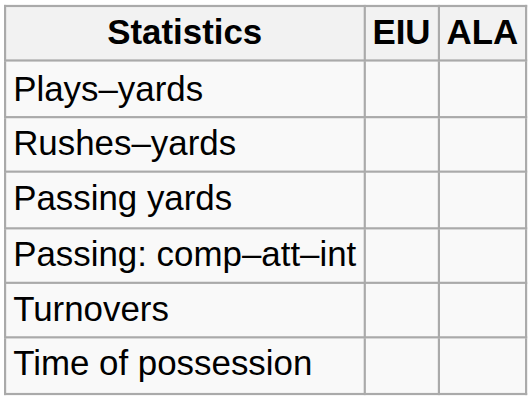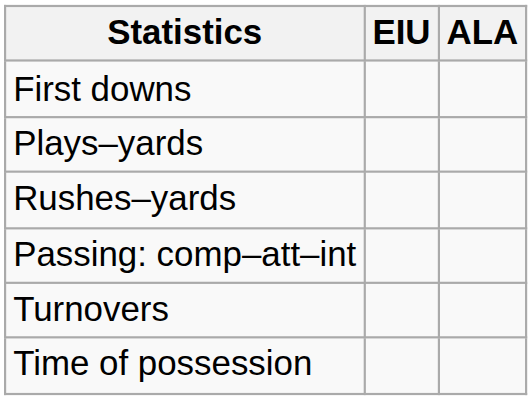 <table class="wikitable" style="float:left">
 <tr>
 <th>Statistics</th>
 <th>EIU</th>
 <th>ALA</th>
+</tr>
+<tr>
+<td>First downs</td>
+<td></td>
+<td></td>
 </tr>
 <tr>
 <td>Plays–yards</td>
 <td></td>
 <td></td>
 </tr>
 <tr>
 <td>Rushes–yards</td>
-<td></td>
-<td></td>
-</tr>
-<tr>
-<td>Passing yards</td>
 <td></td>
 <td></td>
 </tr>
 <tr>
 <td>Passing: comp–att–int</td>
 <td></td>
 <td></td>
 </tr>
 <tr>
 <td>Turnovers</td>
 <td></td>
 <td></td>
 </tr>
 <tr>
 <td>Time of possession</td>
 <td></td>
 <td></td>
 </tr>
 </table>
